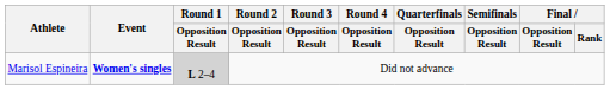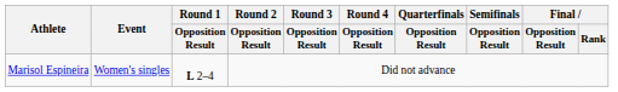 <table class="wikitable" style="font-size:90%">
 <tr>
 <th rowspan="2">Athlete</th>
 <th rowspan="2">Event</th>
 <th>Round 1</th>
 <th>Round 2</th>
 <th>Round 3</th>
 <th>Round 4</th>
 <th>Quarterfinals</th>
 <th>Semifinals</th>
 <th colspan=2>Final / </th>
 </tr>
 <tr style="font-size:95%">
 <th>Opposition<br>Result</th>
 <th>Opposition<br>Result</th>
 <th>Opposition<br>Result</th>
 <th>Opposition<br>Result</th>
 <th>Opposition<br>Result</th>
 <th>Opposition<br>Result</th>
 <th>Opposition<br>Result</th>
 <th>Rank</th>
 </tr>
 <tr align=center>
 <td align=left><a href='#'>Marisol Espineira</a></td>
-<td align=left><strong><a href='#'>Women's singles</a></strong></td>
-<td style="background: lightgrey;"><br><strong>L</strong> 2–4</td>
+<td align=left><a href='#'>Women's singles</a></td>
+<td><br><strong>L</strong> 2–4</td>
 <td colspan=7>Did not advance</td>
 </tr>
 </table>
